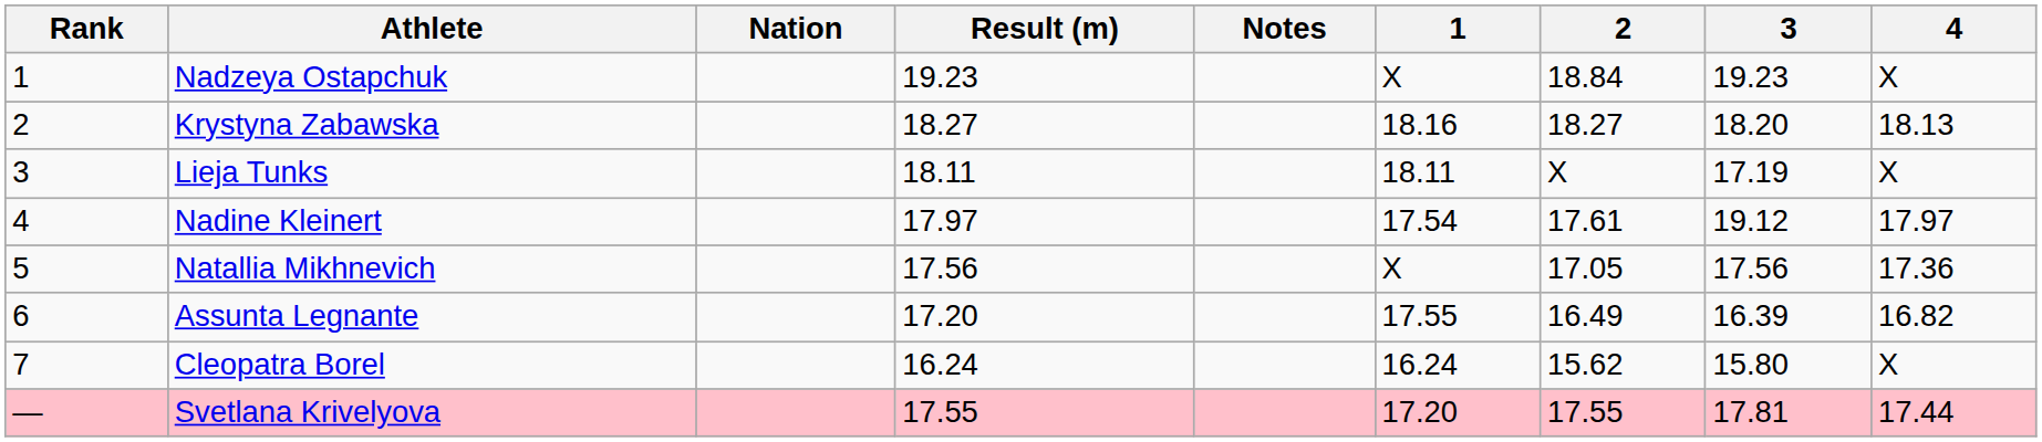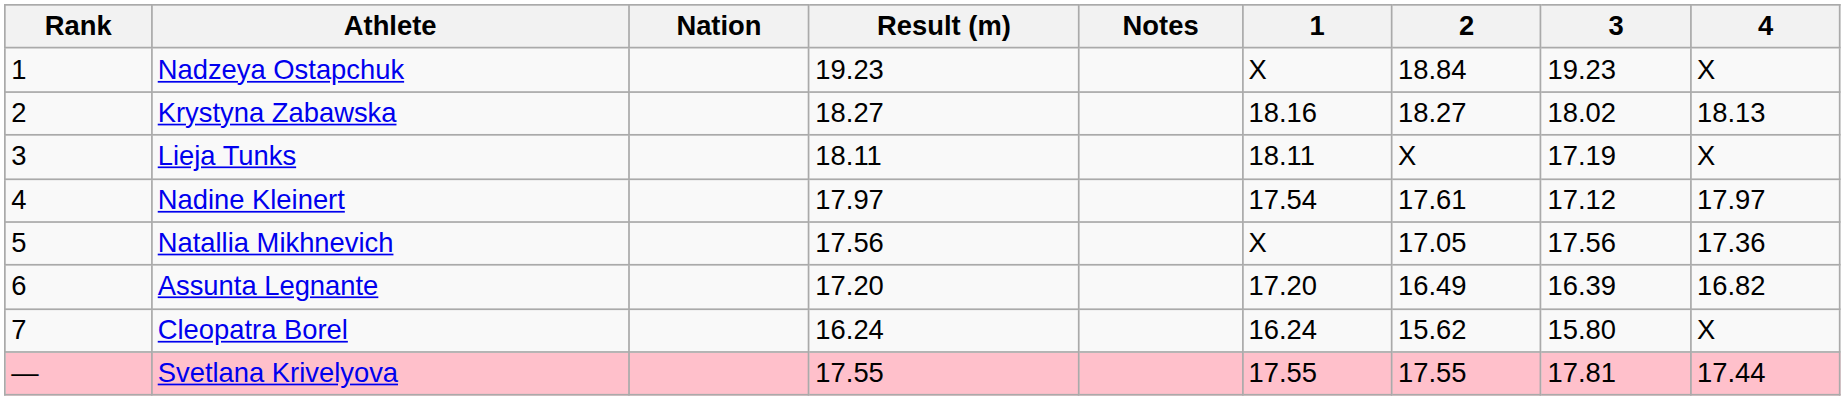 <table class="wikitable" style="text=align:center;" width=85%>
 <tr>
 <th>Rank</th>
 <th>Athlete</th>
 <th>Nation</th>
 <th>Result (m)</th>
 <th>Notes</th>
 <th>1</th>
 <th>2</th>
 <th>3</th>
 <th>4</th>
 </tr>
 <tr>
 <td>1</td>
 <td><a href='#'>Nadzeya Ostapchuk</a></td>
 <td></td>
 <td>19.23</td>
 <td></td>
 <td>X</td>
 <td>18.84</td>
 <td>19.23</td>
 <td>X</td>
 </tr>
 <tr>
 <td>2</td>
 <td><a href='#'>Krystyna Zabawska</a></td>
 <td></td>
 <td>18.27</td>
 <td></td>
 <td>18.16</td>
 <td>18.27</td>
-<td>18.20</td>
+<td>18.02</td>
 <td>18.13</td>
 </tr>
 <tr>
 <td>3</td>
 <td><a href='#'>Lieja Tunks</a></td>
 <td></td>
 <td>18.11</td>
 <td></td>
 <td>18.11</td>
 <td>X</td>
 <td>17.19</td>
 <td>X</td>
 </tr>
 <tr>
 <td>4</td>
 <td><a href='#'>Nadine Kleinert</a></td>
 <td></td>
 <td>17.97</td>
 <td></td>
 <td>17.54</td>
 <td>17.61</td>
-<td>19.12</td>
+<td>17.12</td>
 <td>17.97</td>
 </tr>
 <tr>
 <td>5</td>
 <td><a href='#'>Natallia Mikhnevich</a></td>
 <td></td>
 <td>17.56</td>
 <td></td>
 <td>X</td>
 <td>17.05</td>
 <td>17.56</td>
 <td>17.36</td>
 </tr>
 <tr>
 <td>6</td>
 <td><a href='#'>Assunta Legnante</a></td>
 <td></td>
 <td>17.20</td>
 <td></td>
-<td>17.55</td>
+<td>17.20</td>
 <td>16.49</td>
 <td>16.39</td>
 <td>16.82</td>
 </tr>
 <tr>
 <td>7</td>
 <td><a href='#'>Cleopatra Borel</a></td>
 <td></td>
 <td>16.24</td>
 <td></td>
 <td>16.24</td>
 <td>15.62</td>
 <td>15.80</td>
 <td>X</td>
 </tr>
 <tr bgcolor=pink>
 <td>—</td>
 <td><a href='#'>Svetlana Krivelyova</a></td>
 <td></td>
 <td>17.55</td>
 <td></td>
-<td>17.20</td>
+<td>17.55</td>
 <td>17.55</td>
 <td>17.81</td>
 <td>17.44</td>
 </tr>
 </table>
